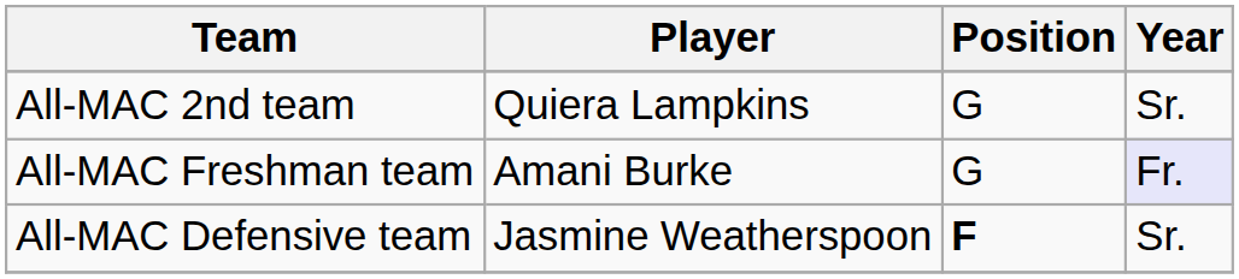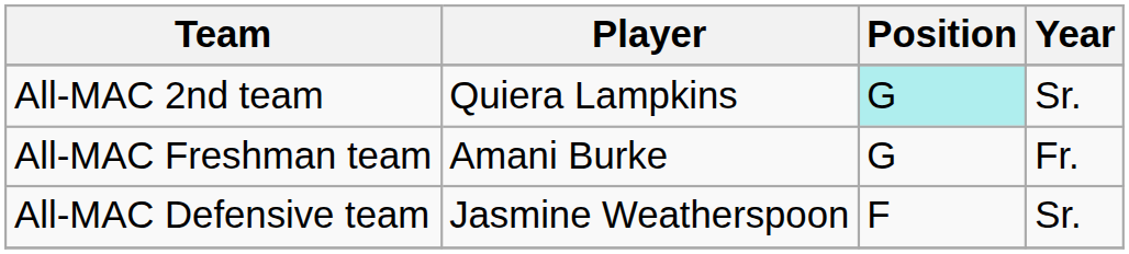 <table class="wikitable" border="1">
 <tr align=center>
 <th style= >Team</th>
 <th style= >Player</th>
 <th style= >Position</th>
 <th style= >Year</th>
 </tr>
 <tr align="center">
 </tr>
 <tr>
 <td>All-MAC 2nd team</td>
 <td>Quiera Lampkins</td>
-<td>G</td>
+<td style="background: paleturquoise;">G</td>
 <td>Sr.</td>
 </tr>
 <tr>
 <td>All-MAC Freshman team</td>
 <td>Amani Burke</td>
 <td>G</td>
-<td style="background: lavender;">Fr.</td>
+<td>Fr.</td>
 </tr>
 <tr>
 <td>All-MAC Defensive team</td>
 <td>Jasmine Weatherspoon</td>
-<td><strong>F</strong></td>
+<td>F</td>
 <td>Sr.</td>
 </tr>
 <tr>
 </tr>
 </table>
